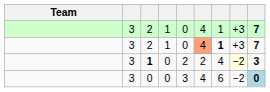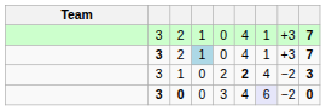 <table class="wikitable" style="text-align:center;">
 <tr>
 <th width=175>Team</th>
 <th width=20></th>
 <th width=20></th>
 <th width=20></th>
 <th width=20></th>
 <th width=20></th>
 <th width=20></th>
 <th width=20></th>
 <th width=20></th>
 </tr>
 <tr bgcolor=ccffcc>
 <td align="left"></td>
 <td>3</td>
 <td>2</td>
 <td>1</td>
 <td>0</td>
 <td>4</td>
 <td>1</td>
 <td>+3</td>
 <td><strong>7</strong></td>
 </tr>
 <tr>
 <td align="left"></td>
-<td>3</td>
+<td><strong>3</strong></td>
 <td>2</td>
+<td style="background: lightblue;">1</td>
+<td>0</td>
+<td>4</td>
 <td>1</td>
-<td>0</td>
-<td style="background: lightsalmon;">4</td>
-<td><strong>1</strong></td>
 <td>+3</td>
 <td><strong>7</strong></td>
 </tr>
 <tr>
 <td align="left"></td>
 <td>3</td>
-<td><strong>1</strong></td>
+<td>1</td>
 <td>0</td>
 <td>2</td>
-<td>2</td>
+<td><strong>2</strong></td>
 <td>4</td>
-<td style="background: lightyellow;">−2</td>
+<td>−2</td>
 <td><strong>3</strong></td>
 </tr>
 <tr>
 <td align="left"></td>
-<td>3</td>
-<td>0</td>
+<td><strong>3</strong></td>
+<td><strong>0</strong></td>
 <td>0</td>
 <td>3</td>
 <td>4</td>
-<td>6</td>
+<td style="background: lavender;">6</td>
 <td>−2</td>
-<td style="background: lightblue;"><strong>0</strong></td>
+<td><strong>0</strong></td>
 </tr>
 </table>
